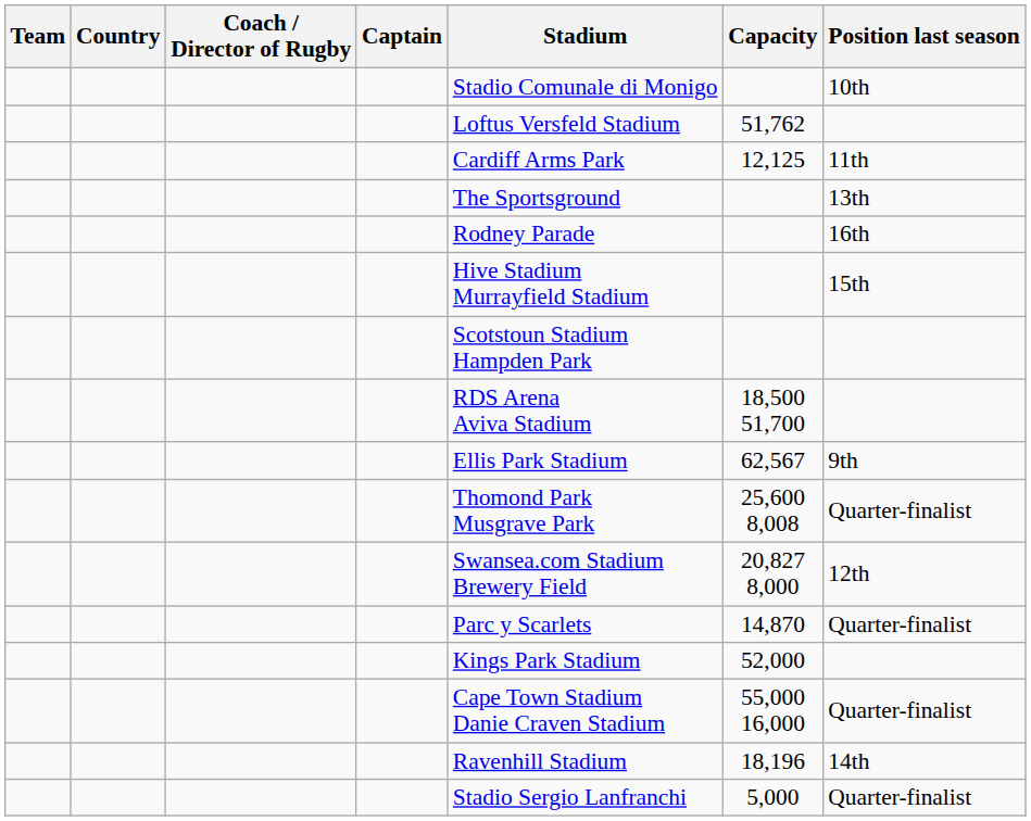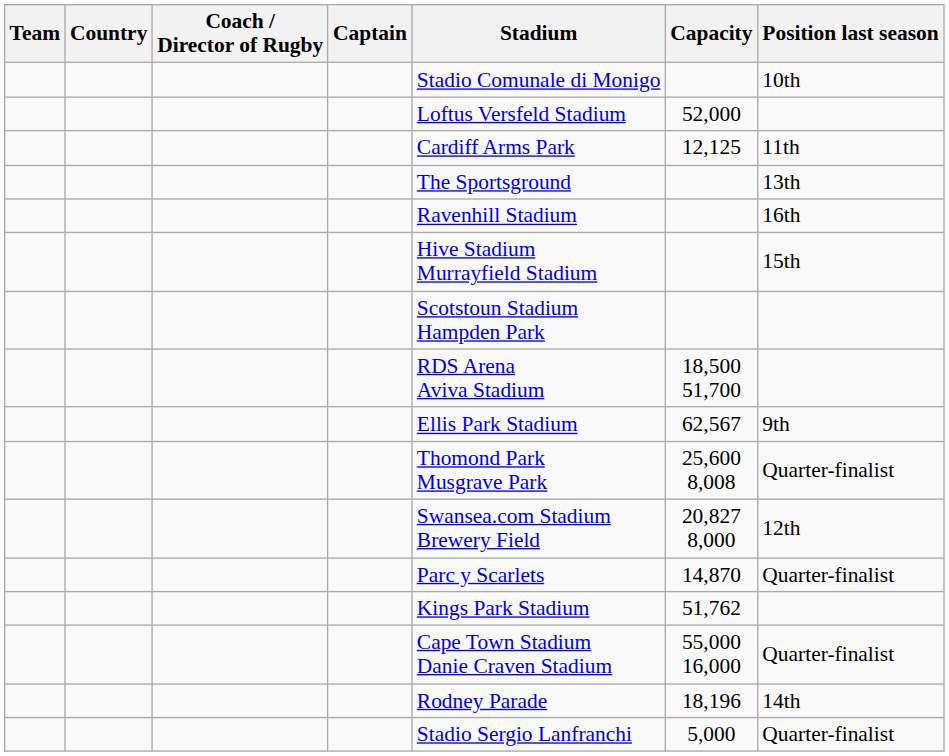 <table class="wikitable sortable">
 <tr>
 <th>Team</th>
 <th>Country</th>
 <th>Coach /<br>Director of Rugby</th>
 <th>Captain</th>
 <th>Stadium</th>
 <th>Capacity</th>
 <th>Position last season</th>
 </tr>
 <tr>
 <td><br><small></small></td>
 <td></td>
 <td></td>
 <td></td>
 <td><a href='#'>Stadio Comunale di Monigo</a></td>
 <td style="text-align:center"></td>
 <td>10th</td>
 </tr>
 <tr>
 <td><br><small></small></td>
 <td></td>
 <td></td>
 <td></td>
 <td><a href='#'>Loftus Versfeld Stadium</a></td>
-<td style="text-align:center">51,762</td>
+<td style="text-align:center">52,000</td>
 <td></td>
 </tr>
 <tr>
 <td><br><small></small></td>
 <td></td>
 <td></td>
 <td></td>
 <td><a href='#'>Cardiff Arms Park</a></td>
 <td style="text-align:center">12,125</td>
 <td>11th</td>
 </tr>
 <tr>
 <td><br><small></small></td>
 <td></td>
 <td></td>
 <td></td>
 <td><a href='#'>The Sportsground</a></td>
 <td style="text-align:center"><br></td>
 <td>13th</td>
 </tr>
 <tr>
 <td><br><small></small></td>
 <td></td>
 <td></td>
 <td></td>
-<td><a href='#'>Rodney Parade</a></td>
+<td><a href='#'>Ravenhill Stadium</a></td>
 <td style="text-align:center"></td>
 <td>16th</td>
 </tr>
 <tr>
 <td><br><small></small></td>
 <td></td>
 <td></td>
 <td></td>
 <td><a href='#'>Hive Stadium</a><br><a href='#'>Murrayfield Stadium</a></td>
 <td style="text-align:center;"><br></td>
 <td>15th</td>
 </tr>
 <tr>
 <td><br><small></small></td>
 <td></td>
 <td></td>
 <td></td>
 <td><a href='#'>Scotstoun Stadium</a><br><a href='#'>Hampden Park</a></td>
 <td style="text-align:center"><br></td>
 <td></td>
 </tr>
 <tr>
 <td><br><small></small></td>
 <td></td>
 <td></td>
 <td></td>
 <td><a href='#'>RDS Arena</a><br><a href='#'>Aviva Stadium</a></td>
 <td style="text-align:center">18,500<br>51,700</td>
 <td></td>
 </tr>
 <tr>
 <td><br><small></small></td>
 <td></td>
 <td></td>
 <td></td>
 <td><a href='#'>Ellis Park Stadium</a></td>
 <td style="text-align:center">62,567</td>
 <td>9th</td>
 </tr>
 <tr>
 <td><br><small></small></td>
 <td></td>
 <td></td>
 <td></td>
 <td><a href='#'>Thomond Park</a><br><a href='#'>Musgrave Park</a></td>
 <td style="text-align:center">25,600<br>8,008</td>
 <td>Quarter-finalist</td>
 </tr>
 <tr>
 <td><br><small></small></td>
 <td></td>
 <td></td>
 <td></td>
 <td><a href='#'>Swansea.com Stadium</a><br><a href='#'>Brewery Field</a></td>
 <td style="text-align:center">20,827<br>8,000</td>
 <td>12th</td>
 </tr>
 <tr>
 <td><br><small></small></td>
 <td></td>
 <td></td>
 <td></td>
 <td><a href='#'>Parc y Scarlets</a></td>
 <td style="text-align:center">14,870</td>
 <td>Quarter-finalist</td>
 </tr>
 <tr>
 <td><br><small></small></td>
 <td></td>
 <td></td>
 <td></td>
 <td><a href='#'>Kings Park Stadium</a></td>
-<td style="text-align:center">52,000</td>
+<td style="text-align:center">51,762</td>
 <td></td>
 </tr>
 <tr>
 <td><br><small></small></td>
 <td></td>
 <td></td>
 <td></td>
 <td><a href='#'>Cape Town Stadium</a><br><a href='#'>Danie Craven Stadium</a></td>
 <td style="text-align:center">55,000<br>16,000</td>
 <td>Quarter-finalist</td>
 </tr>
 <tr>
 <td><br><small></small></td>
 <td></td>
 <td></td>
 <td></td>
-<td><a href='#'>Ravenhill Stadium</a></td>
+<td><a href='#'>Rodney Parade</a></td>
 <td style="text-align:center">18,196</td>
 <td>14th</td>
 </tr>
 <tr>
 <td><br><small></small></td>
 <td></td>
 <td></td>
 <td></td>
 <td><a href='#'>Stadio Sergio Lanfranchi</a></td>
 <td style="text-align:center">5,000</td>
 <td>Quarter-finalist</td>
 </tr>
 </table>
